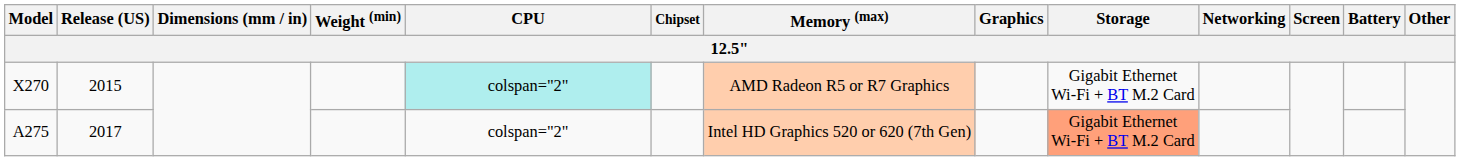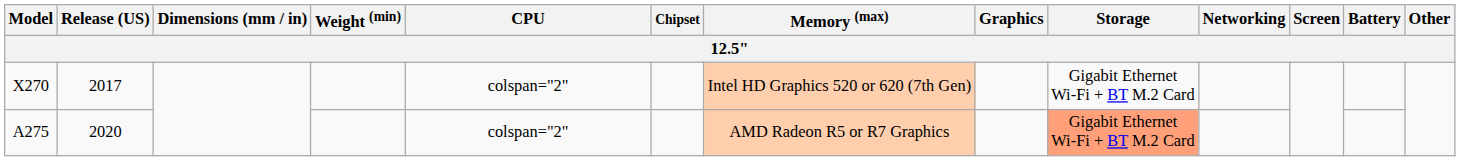 <table class="wikitable" style="font-size: 80%; text-align: center; min-width: 80%;">
 <tr>
 <th>Model</th>
 <th>Release (US)</th>
 <th>Dimensions (mm / in)</th>
 <th>Weight <sup>(min)</sup></th>
 <th style="width:17%">CPU</th>
 <th><small>Chipset</small></th>
 <th>Memory <sup>(max)</sup></th>
 <th>Graphics</th>
 <th>Storage</th>
 <th>Networking</th>
 <th>Screen</th>
 <th>Battery</th>
 <th>Other</th>
 </tr>
 <tr>
 <th colspan=13>12.5"</th>
 </tr>
 <tr>
 <td>X270 </td>
-<td>2015</td>
+<td>2017</td>
 <td rowspan="2"></td>
 <td></td>
-<td style="background: paleturquoise;">colspan="2" </td>
+<td>colspan="2" </td>
 <td></td>
-<td style="background:#ffcead;">AMD Radeon R5 or R7 Graphics</td>
+<td style="background:#ffcead;">Intel HD Graphics 520 or 620 (7th Gen)</td>
 <td></td>
 <td>Gigabit Ethernet<br>Wi-Fi + <a href='#'>BT</a> M.2 Card<br><small></small></td>
 <td></td>
 <td rowspan="2" style="background:"></td>
 <td></td>
 </tr>
 <tr>
 <td>A275 </td>
-<td>2017</td>
+<td>2020</td>
 <td></td>
 <td>colspan="2" </td>
 <td></td>
-<td style="background:#ffcead;">Intel HD Graphics 520 or 620 (7th Gen)</td>
+<td style="background:#ffcead;">AMD Radeon R5 or R7 Graphics</td>
 <td></td>
 <td style="background: lightsalmon;">Gigabit Ethernet<br>Wi-Fi + <a href='#'>BT</a> M.2 Card<br><small></small></td>
 <td></td>
 <td></td>
 </tr>
 </table>
